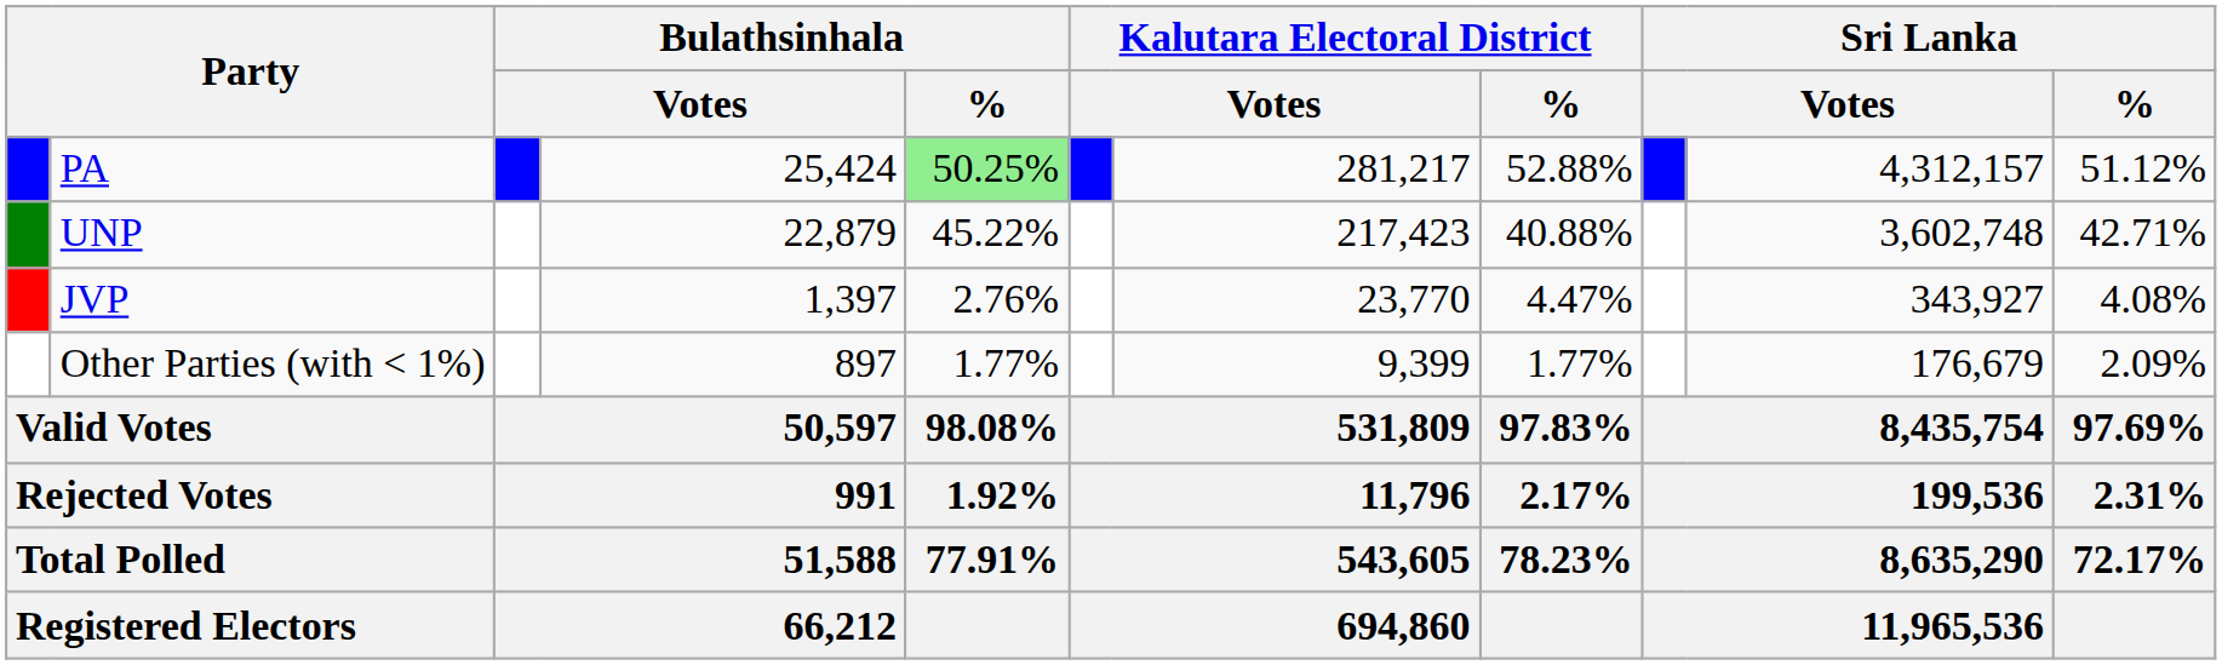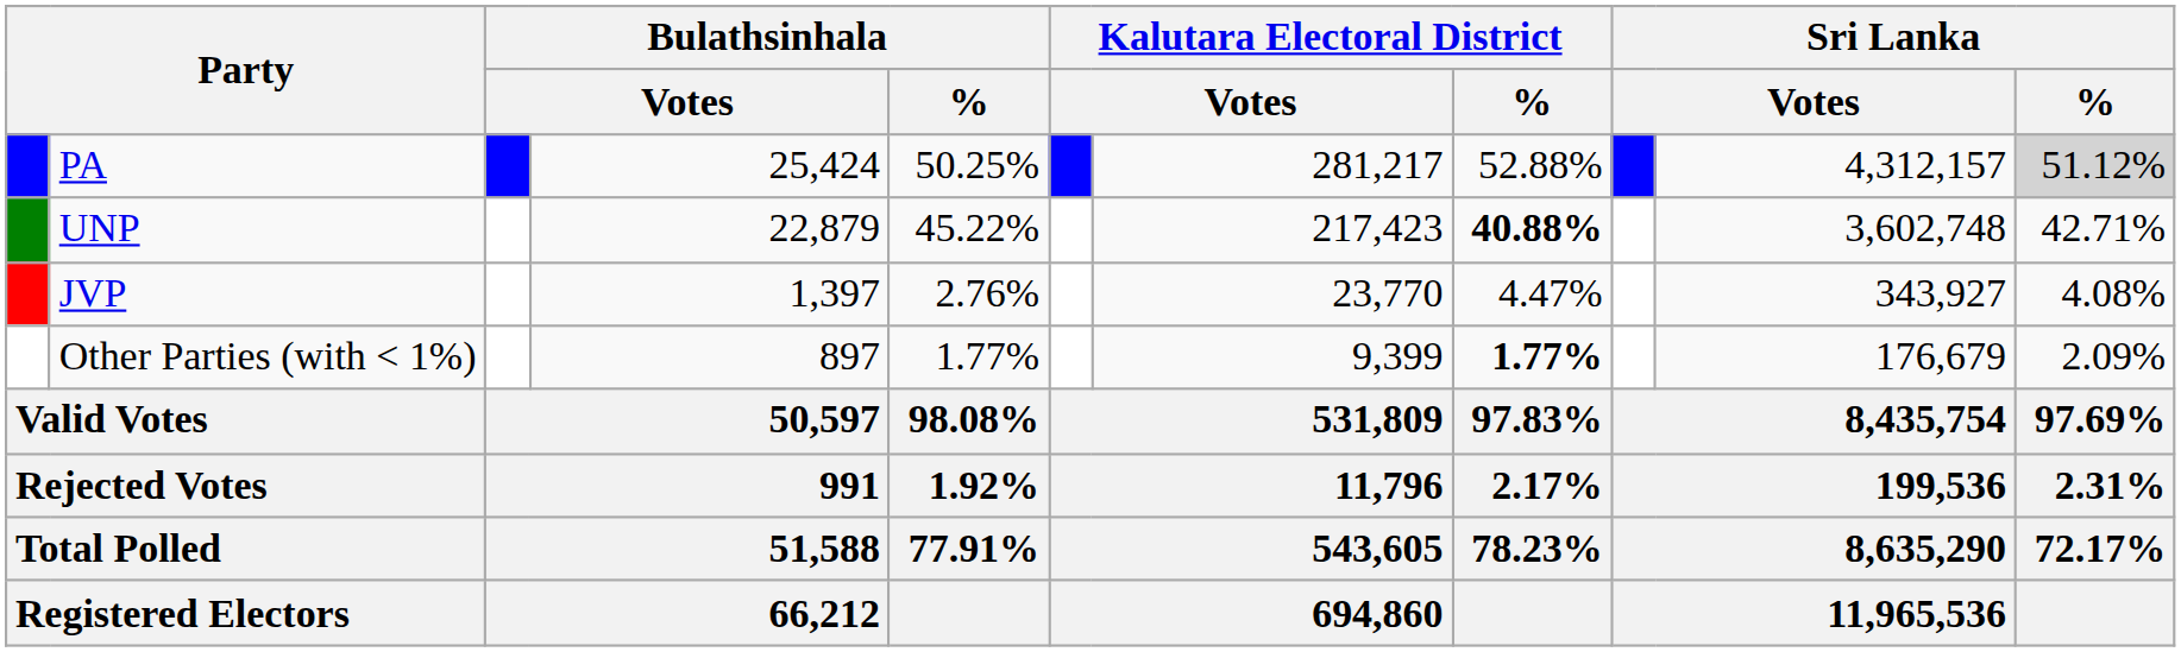 <table class="wikitable">
 <tr>
 <th colspan="2" width="144px"rowspan="2">Party</th>
 <th colspan="3" width="216px">Bulathsinhala</th>
 <th colspan="3" width="216px"><a href='#'>Kalutara Electoral District</a></th>
 <th colspan="3" width="216px">Sri Lanka</th>
 </tr>
 <tr>
 <th colspan="2" width="144px">Votes</th>
 <th>%</th>
 <th colspan="2" width="144px">Votes</th>
 <th>%</th>
 <th colspan="2" width="144px">Votes</th>
 <th>%</th>
 </tr>
 <tr>
 <td style="background-color:blue;" width="10px"></td>
 <td style="text-align:left;"><a href='#'>PA</a></td>
 <td style="background-color:blue;" width="10px"></td>
 <td style="text-align:right;">25,424</td>
-<td style="background: lightgreen; text-align:right;">50.25%</td>
+<td style="text-align:right;">50.25%</td>
 <td style="background-color:blue;" width="10px"></td>
 <td style="text-align:right;">281,217</td>
 <td style="text-align:right;">52.88%</td>
 <td style="background-color:blue;" width="10px"></td>
 <td style="text-align:right;">4,312,157</td>
-<td style="text-align:right;">51.12%</td>
+<td style="background: lightgrey; text-align:right;">51.12%</td>
 </tr>
 <tr>
 <td style="background-color:green;" width="10px"></td>
 <td style="text-align:left;"><a href='#'>UNP</a></td>
 <td style="background-color:white;" width="10px"></td>
 <td style="text-align:right;">22,879</td>
 <td style="text-align:right;">45.22%</td>
 <td style="background-color:white;" width="10px"></td>
 <td style="text-align:right;">217,423</td>
-<td style="text-align:right;">40.88%</td>
+<td style="text-align:right;"><strong>40.88%</strong></td>
 <td style="background-color:white;" width="10px"></td>
 <td style="text-align:right;">3,602,748</td>
 <td style="text-align:right;">42.71%</td>
 </tr>
 <tr>
 <td style="background-color:red;" width="10px"></td>
 <td style="text-align:left;"><a href='#'>JVP</a></td>
 <td style="background-color:white;" width="10px"></td>
 <td style="text-align:right;">1,397</td>
 <td style="text-align:right;">2.76%</td>
 <td style="background-color:white;" width="10px"></td>
 <td style="text-align:right;">23,770</td>
 <td style="text-align:right;">4.47%</td>
 <td style="background-color:white;" width="10px"></td>
 <td style="text-align:right;">343,927</td>
 <td style="text-align:right;">4.08%</td>
 </tr>
 <tr>
 <td style="background-color:white;" width="10px"></td>
 <td style="text-align:left;">Other Parties (with < 1%)</td>
 <td style="background-color:white;" width="10px"></td>
 <td style="text-align:right;">897</td>
 <td style="text-align:right;">1.77%</td>
 <td style="background-color:white;" width="10px"></td>
 <td style="text-align:right;">9,399</td>
-<td style="text-align:right;">1.77%</td>
+<td style="text-align:right;"><strong>1.77%</strong></td>
 <td style="background-color:white;" width="10px"></td>
 <td style="text-align:right;">176,679</td>
 <td style="text-align:right;">2.09%</td>
 </tr>
 <tr>
 <th colspan="2" width="144px"style="text-align:left;">Valid Votes</th>
 <th style="text-align:right;"colspan="2" width="144px">50,597</th>
 <th style="text-align:right;">98.08%</th>
 <th style="text-align:right;"colspan="2" width="144px">531,809</th>
 <th style="text-align:right;">97.83%</th>
 <th style="text-align:right;"colspan="2" width="144px">8,435,754</th>
 <th style="text-align:right;">97.69%</th>
 </tr>
 <tr>
 <th colspan="2" width="144px"style="text-align:left;">Rejected Votes</th>
 <th style="text-align:right;"colspan="2" width="144px">991</th>
 <th style="text-align:right;">1.92%</th>
 <th style="text-align:right;"colspan="2" width="144px">11,796</th>
 <th style="text-align:right;">2.17%</th>
 <th style="text-align:right;"colspan="2" width="144px">199,536</th>
 <th style="text-align:right;">2.31%</th>
 </tr>
 <tr>
 <th colspan="2" width="144px"style="text-align:left;">Total Polled</th>
 <th style="text-align:right;"colspan="2" width="144px">51,588</th>
 <th style="text-align:right;">77.91%</th>
 <th style="text-align:right;"colspan="2" width="144px">543,605</th>
 <th style="text-align:right;">78.23%</th>
 <th style="text-align:right;"colspan="2" width="144px">8,635,290</th>
 <th style="text-align:right;">72.17%</th>
 </tr>
 <tr>
 <th colspan="2" width="144px"style="text-align:left;">Registered Electors</th>
 <th style="text-align:right;"colspan="2" width="144px">66,212</th>
 <th></th>
 <th style="text-align:right;"colspan="2" width="144px">694,860</th>
 <th></th>
 <th style="text-align:right;"colspan="2" width="144px">11,965,536</th>
 <th></th>
 </tr>
 </table>
